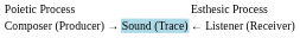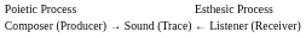 <table>
 <tr>
 <td colspan=3>Poietic Process</td>
 <td colspan=2>Esthesic Process</td>
 </tr>
 <tr>
 <td>Composer (Producer)</td>
 <td>→</td>
-<td style="background: lightblue;">Sound (Trace)</td>
+<td>Sound (Trace)</td>
 <td>←</td>
 <td>Listener (Receiver)</td>
 </tr>
 </table>
